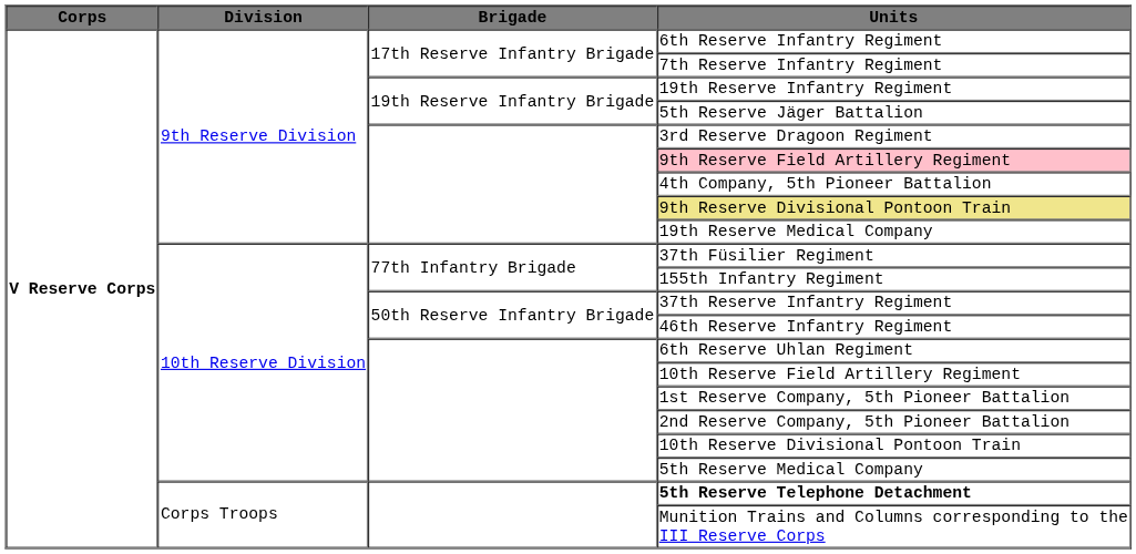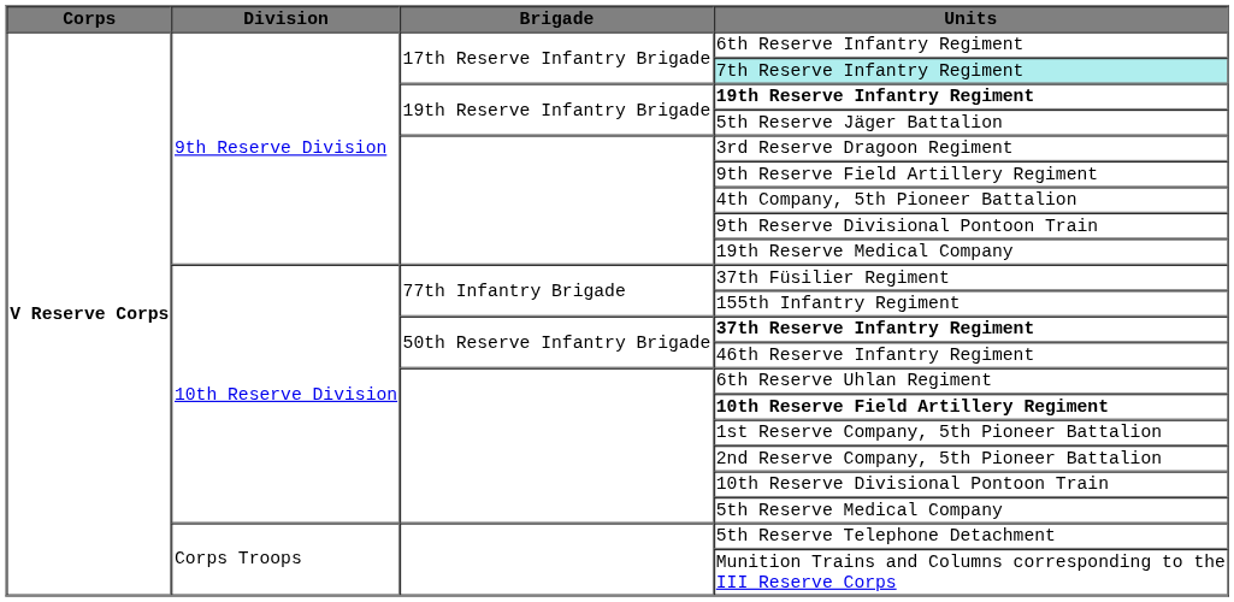 <table style="float: right;" border="1" cellpadding="1" cellspacing="0" style="font-size: 100%; border: gray solid 1px; border-collapse: collapse; text-align: center;">
 <tr style="background-color:grey; color:black;">
 <th>Corps</th>
 <th>Division</th>
 <th>Brigade</th>
 <th>Units</th>
 </tr>
 <tr>
 <td ROWSPAN=21><strong>V Reserve Corps</strong></td>
 <td ROWSPAN=9><a href='#'>9th Reserve Division</a></td>
 <td ROWSPAN=2>17th Reserve Infantry Brigade</td>
 <td>6th Reserve Infantry Regiment</td>
 </tr>
 <tr>
-<td>7th Reserve Infantry Regiment</td>
+<td style="background: paleturquoise;">7th Reserve Infantry Regiment</td>
 </tr>
 <tr>
 <td ROWSPAN=2>19th Reserve Infantry Brigade</td>
-<td>19th Reserve Infantry Regiment</td>
+<td><strong>19th Reserve Infantry Regiment</strong></td>
 </tr>
 <tr>
 <td>5th Reserve Jäger Battalion</td>
 </tr>
 <tr>
 <td ROWSPAN=5></td>
 <td>3rd Reserve Dragoon Regiment</td>
 </tr>
 <tr>
-<td style="background: pink;">9th Reserve Field Artillery Regiment</td>
+<td>9th Reserve Field Artillery Regiment</td>
 </tr>
 <tr>
 <td>4th Company, 5th Pioneer Battalion</td>
 </tr>
 <tr>
-<td style="background: khaki;">9th Reserve Divisional Pontoon Train</td>
+<td>9th Reserve Divisional Pontoon Train</td>
 </tr>
 <tr>
 <td>19th Reserve Medical Company</td>
 </tr>
 <tr>
 <td ROWSPAN=10><a href='#'>10th Reserve Division</a></td>
 <td ROWSPAN=2>77th Infantry Brigade</td>
 <td>37th Füsilier Regiment</td>
 </tr>
 <tr>
 <td>155th Infantry Regiment</td>
 </tr>
 <tr>
 <td ROWSPAN=2>50th Reserve Infantry Brigade</td>
-<td>37th Reserve Infantry Regiment</td>
+<td><strong>37th Reserve Infantry Regiment</strong></td>
 </tr>
 <tr>
 <td>46th Reserve Infantry Regiment</td>
 </tr>
 <tr>
 <td ROWSPAN=6></td>
 <td>6th Reserve Uhlan Regiment</td>
 </tr>
 <tr>
-<td>10th Reserve Field Artillery Regiment</td>
+<td><strong>10th Reserve Field Artillery Regiment</strong></td>
 </tr>
 <tr>
 <td>1st Reserve Company, 5th Pioneer Battalion</td>
 </tr>
 <tr>
 <td>2nd Reserve Company, 5th Pioneer Battalion</td>
 </tr>
 <tr>
 <td>10th Reserve Divisional Pontoon Train</td>
 </tr>
 <tr>
 <td>5th Reserve Medical Company</td>
 </tr>
 <tr>
 <td ROWSPAN=2>Corps Troops</td>
 <td ROWSPAN=2></td>
-<td><strong>5th Reserve Telephone Detachment</strong></td>
+<td>5th Reserve Telephone Detachment</td>
 </tr>
 <tr>
 <td>Munition Trains and Columns corresponding to the<br><a href='#'>III Reserve Corps</a></td>
 </tr>
 </table>
